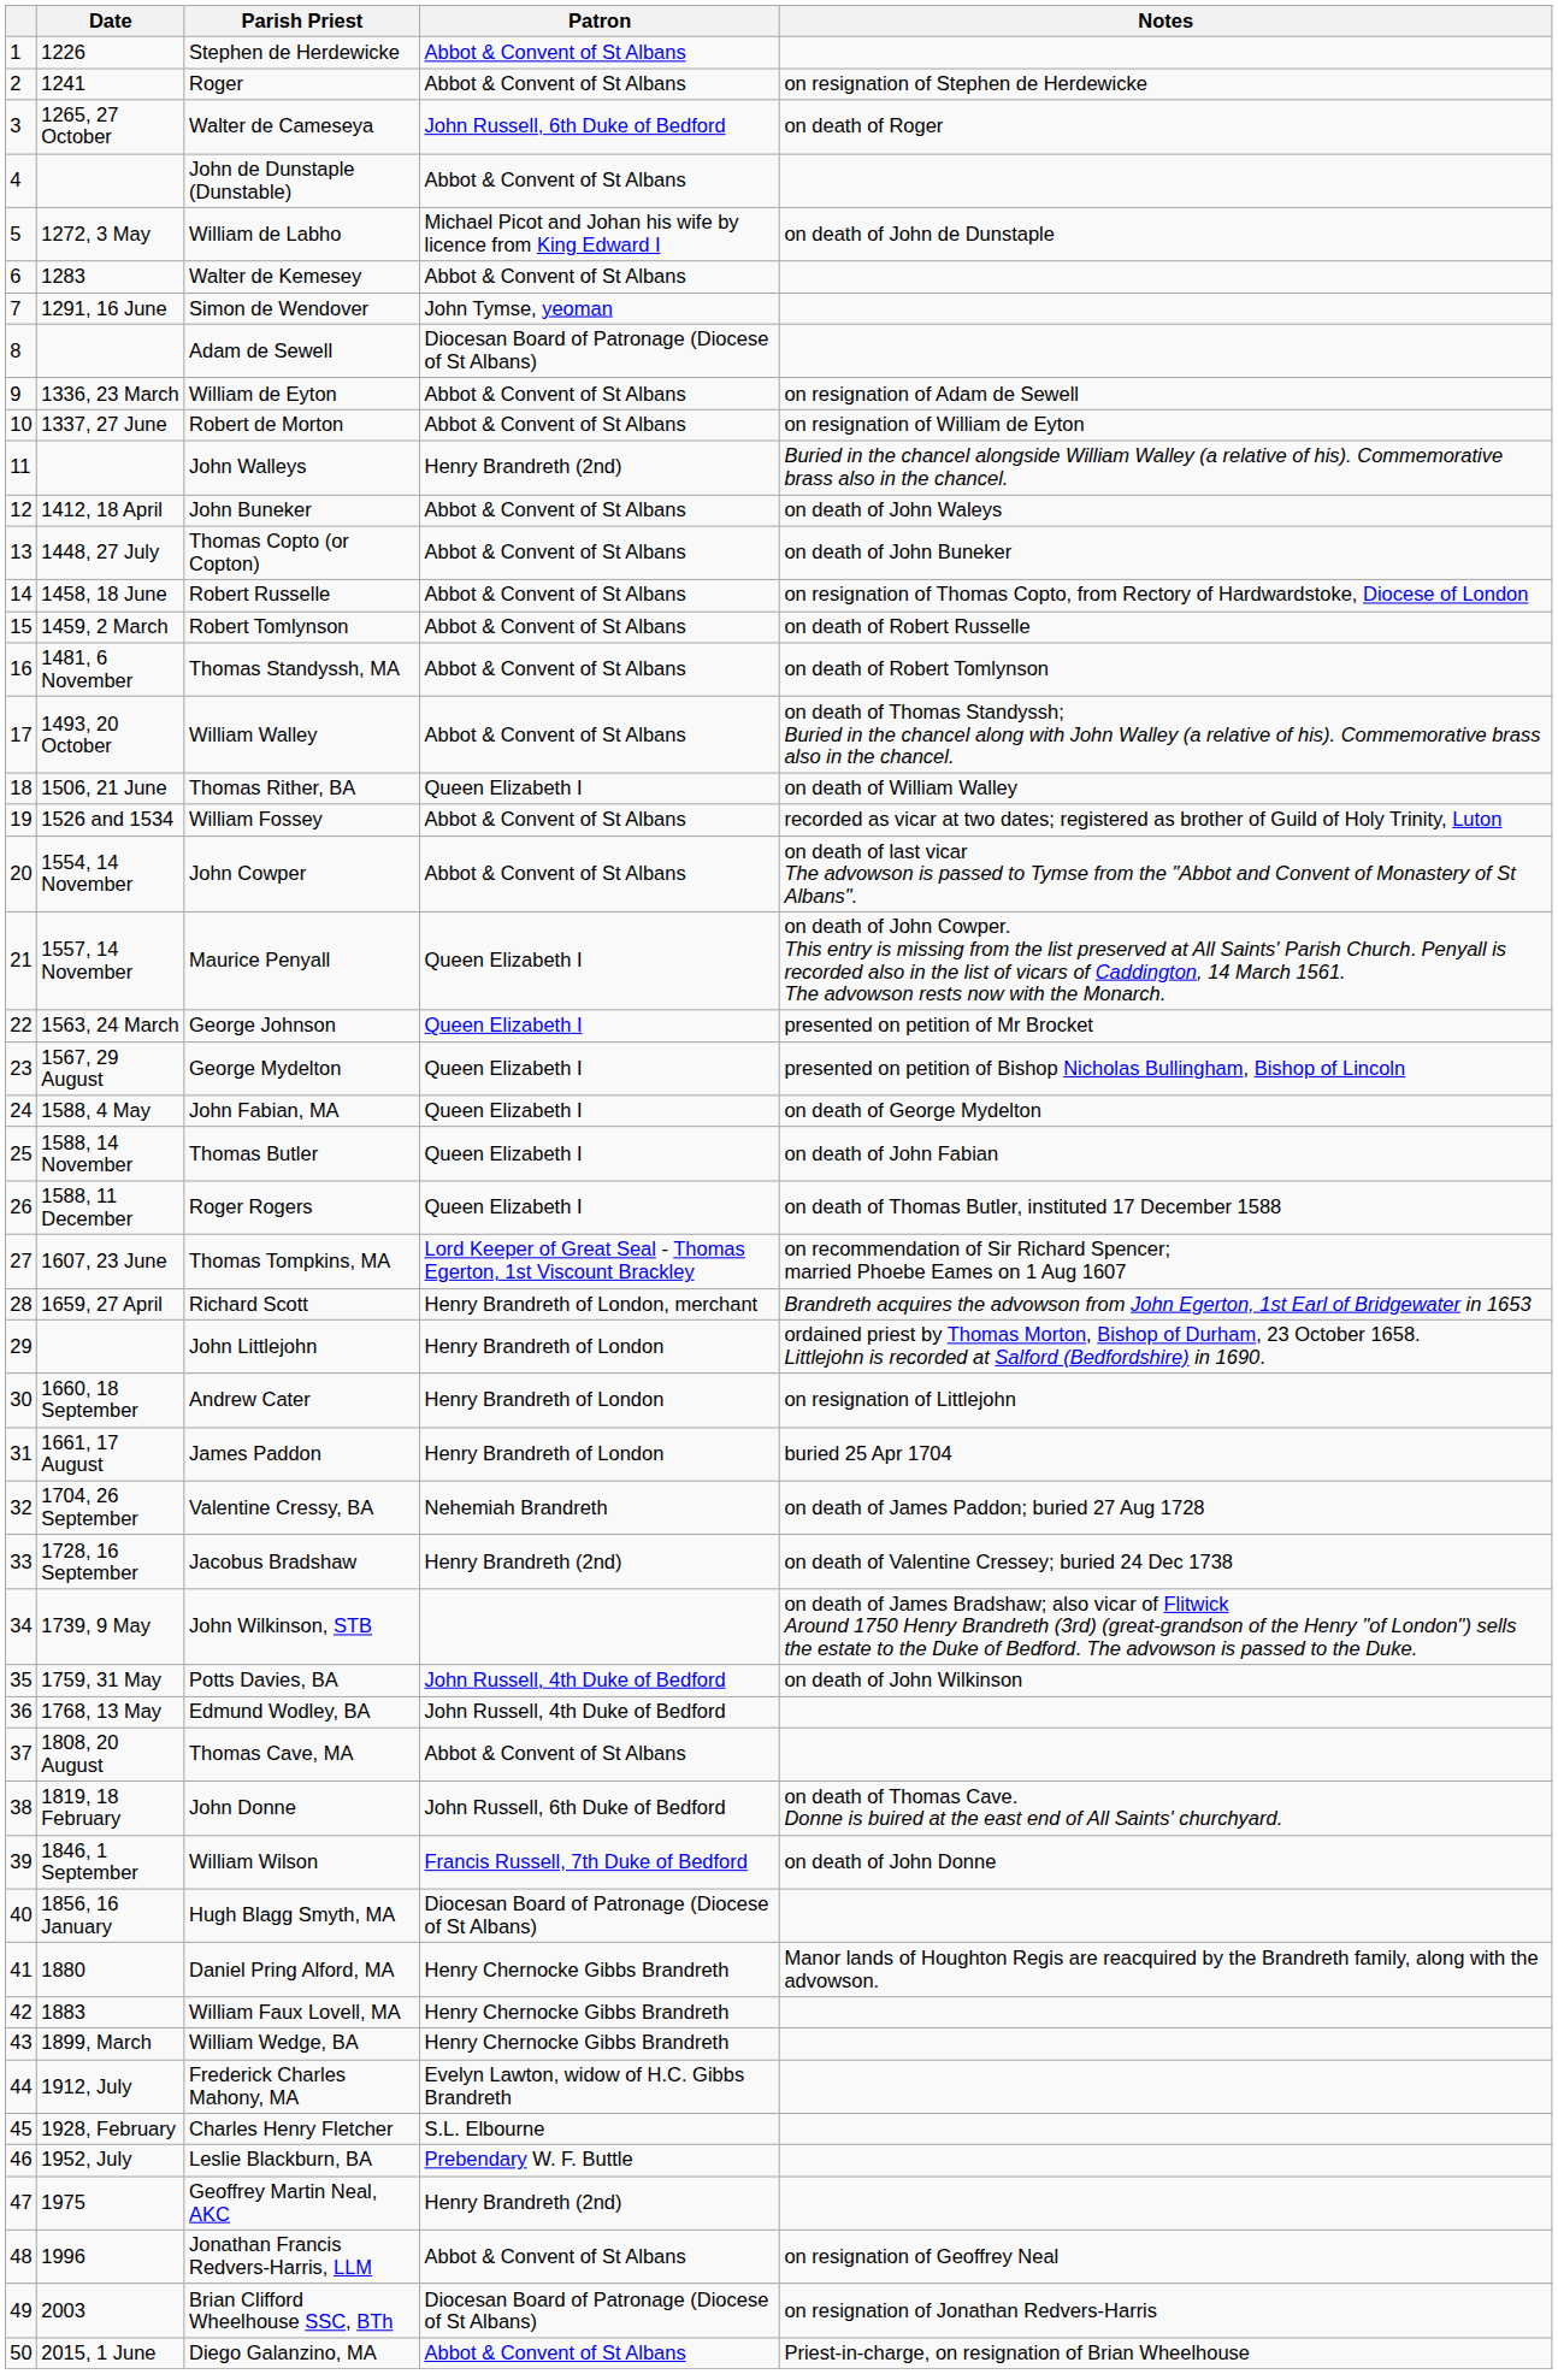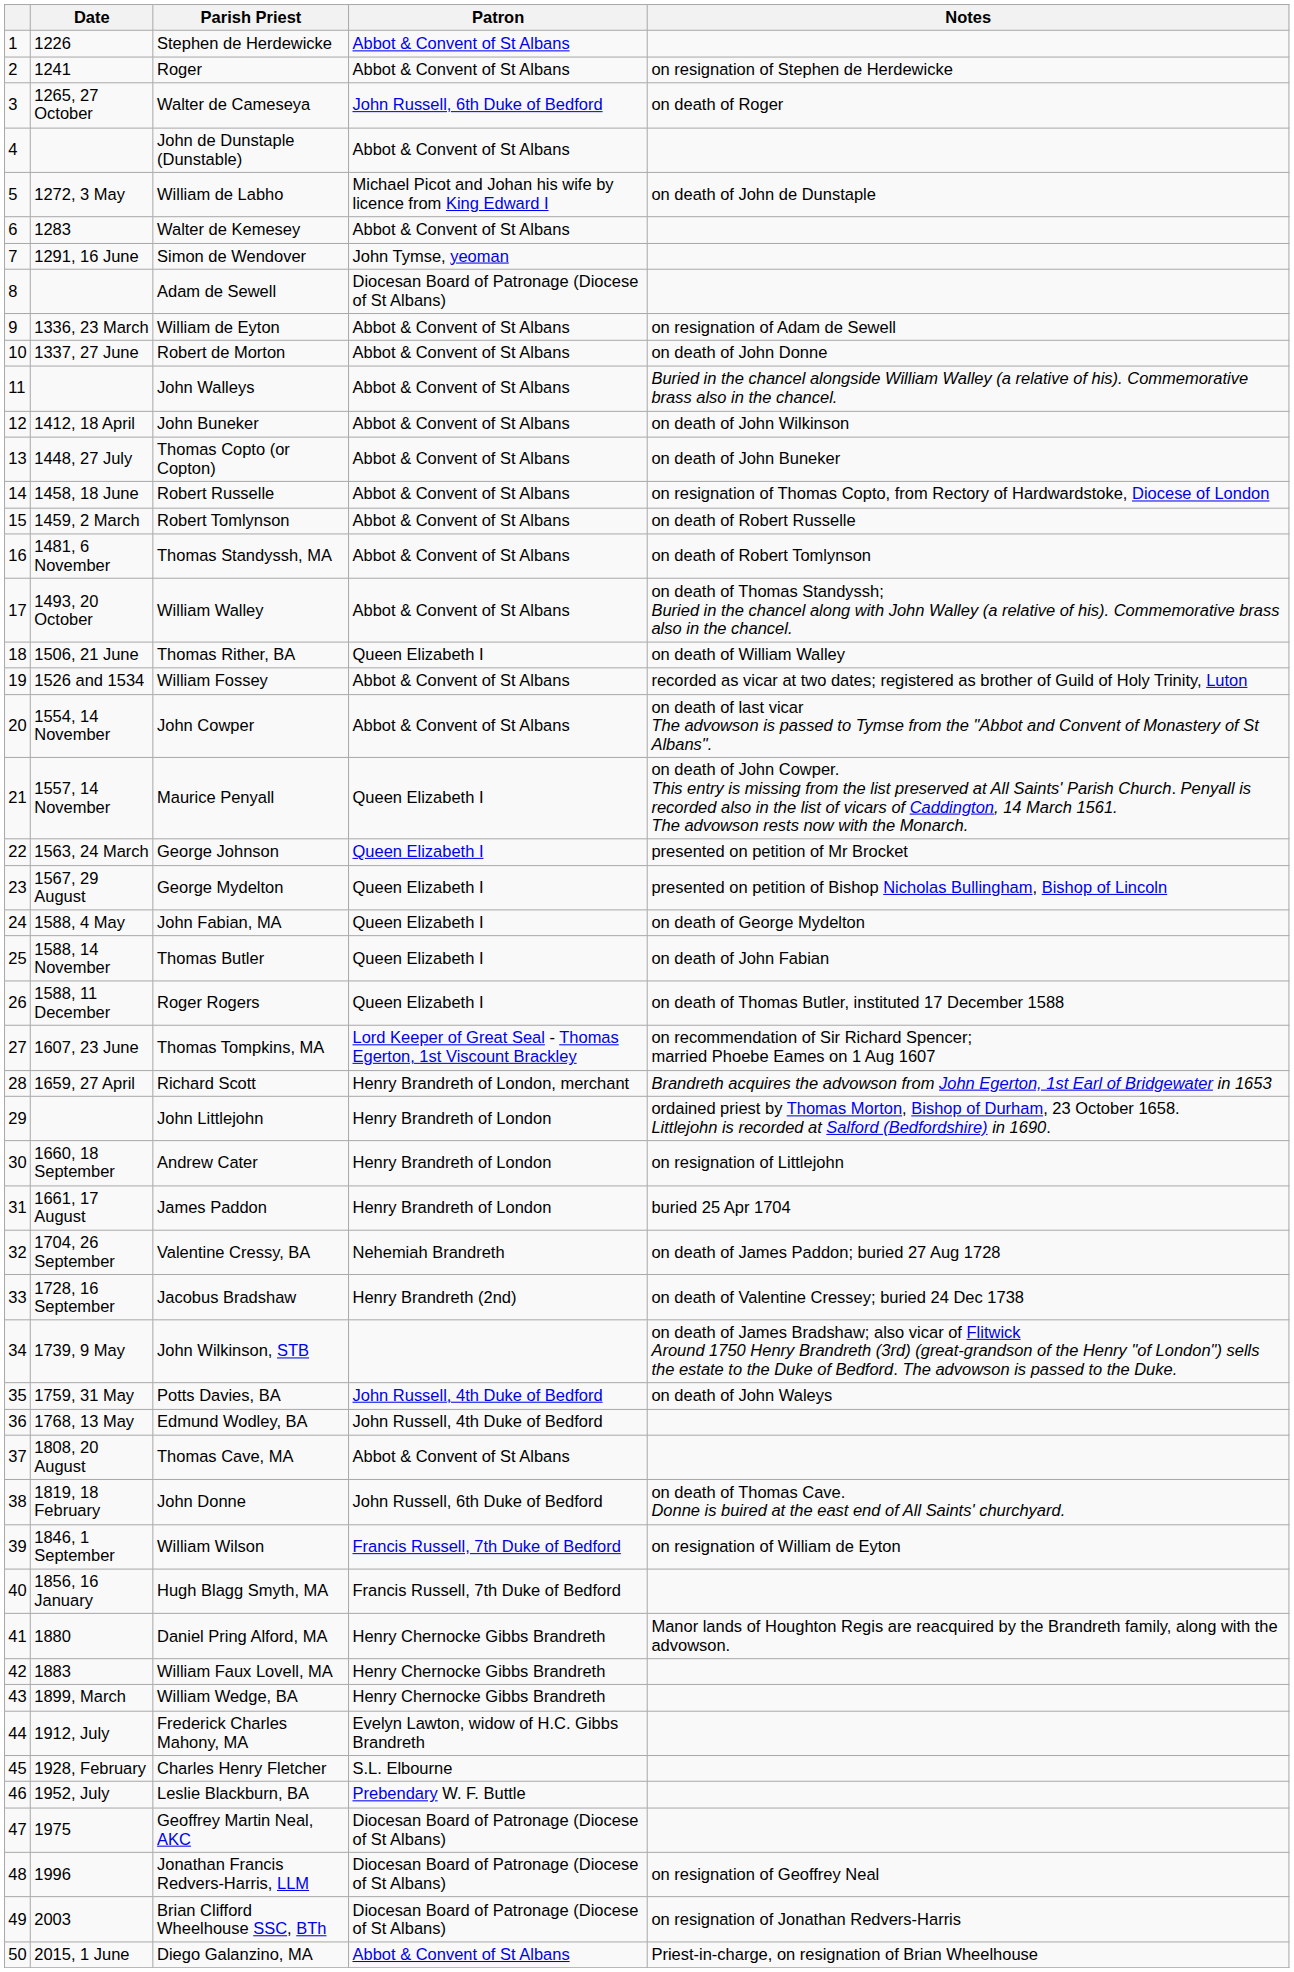 <table class="wikitable">
 <tr>
 <th></th>
 <th>Date</th>
 <th>Parish Priest</th>
 <th>Patron</th>
 <th>Notes</th>
 </tr>
 <tr>
 <td>1</td>
 <td>1226</td>
 <td>Stephen de Herdewicke</td>
 <td><a href='#'>Abbot & Convent of St Albans</a></td>
 <td></td>
 </tr>
 <tr>
 <td>2</td>
 <td>1241</td>
 <td>Roger</td>
 <td>Abbot & Convent of St Albans</td>
 <td>on resignation of Stephen de Herdewicke</td>
 </tr>
 <tr>
 <td>3</td>
 <td>1265, 27 October</td>
 <td>Walter de Cameseya</td>
 <td><a href='#'>John Russell, 6th Duke of Bedford</a></td>
 <td>on death of Roger</td>
 </tr>
 <tr>
 <td>4</td>
 <td></td>
 <td>John de Dunstaple (Dunstable)</td>
 <td>Abbot & Convent of St Albans</td>
 <td></td>
 </tr>
 <tr>
 <td>5</td>
 <td>1272, 3 May</td>
 <td>William de Labho</td>
 <td>Michael Picot and Johan his wife by licence from <a href='#'>King Edward I</a></td>
 <td>on death of John de Dunstaple</td>
 </tr>
 <tr>
 <td>6</td>
 <td>1283</td>
 <td>Walter de Kemesey</td>
 <td>Abbot & Convent of St Albans</td>
 <td></td>
 </tr>
 <tr>
 <td>7</td>
 <td>1291, 16 June</td>
 <td>Simon de Wendover</td>
 <td>John Tymse, <a href='#'>yeoman</a></td>
 <td></td>
 </tr>
 <tr>
 <td>8</td>
 <td></td>
 <td>Adam de Sewell</td>
 <td>Diocesan Board of Patronage (Diocese of St Albans)</td>
 <td></td>
 </tr>
 <tr>
 <td>9</td>
 <td>1336, 23 March</td>
 <td>William de Eyton</td>
 <td>Abbot & Convent of St Albans</td>
 <td>on resignation of Adam de Sewell</td>
 </tr>
 <tr>
 <td>10</td>
 <td>1337, 27 June</td>
 <td>Robert de Morton</td>
 <td>Abbot & Convent of St Albans</td>
-<td>on resignation of William de Eyton</td>
+<td>on death of John Donne</td>
 </tr>
 <tr>
 <td>11</td>
 <td></td>
 <td>John Walleys</td>
-<td>Henry Brandreth (2nd)</td>
+<td>Abbot & Convent of St Albans</td>
 <td><em>Buried in the chancel alongside William Walley (a relative of his). Commemorative brass also in the chancel.</em></td>
 </tr>
 <tr>
 <td>12</td>
 <td>1412, 18 April</td>
 <td>John Buneker</td>
 <td>Abbot & Convent of St Albans</td>
-<td>on death of John Waleys</td>
+<td>on death of John Wilkinson</td>
 </tr>
 <tr>
 <td>13</td>
 <td>1448, 27 July</td>
 <td>Thomas Copto (or Copton)</td>
 <td>Abbot & Convent of St Albans</td>
 <td>on death of John Buneker</td>
 </tr>
 <tr>
 <td>14</td>
 <td>1458, 18 June</td>
 <td>Robert Russelle</td>
 <td>Abbot & Convent of St Albans</td>
 <td>on resignation of Thomas Copto, from Rectory of Hardwardstoke, <a href='#'>Diocese of London</a></td>
 </tr>
 <tr>
 <td>15</td>
 <td>1459, 2 March</td>
 <td>Robert Tomlynson</td>
 <td>Abbot & Convent of St Albans</td>
 <td>on death of Robert Russelle</td>
 </tr>
 <tr>
 <td>16</td>
 <td>1481, 6 November</td>
 <td>Thomas Standyssh, MA</td>
 <td>Abbot & Convent of St Albans</td>
 <td>on death of Robert Tomlynson</td>
 </tr>
 <tr>
 <td>17</td>
 <td>1493, 20 October</td>
 <td>William Walley</td>
 <td>Abbot & Convent of St Albans</td>
 <td>on death of Thomas Standyssh;<br><em>Buried in the chancel along with John Walley (a relative of his). Commemorative brass also in the chancel.</em></td>
 </tr>
 <tr>
 <td>18</td>
 <td>1506, 21 June</td>
 <td>Thomas Rither, BA</td>
 <td>Queen Elizabeth I</td>
 <td>on death of William Walley</td>
 </tr>
 <tr>
 <td>19</td>
 <td>1526 and 1534</td>
 <td>William Fossey</td>
 <td>Abbot & Convent of St Albans</td>
 <td>recorded as vicar at two dates; registered as brother of Guild of Holy Trinity, <a href='#'>Luton</a></td>
 </tr>
 <tr>
 <td>20</td>
 <td>1554, 14 November</td>
 <td>John Cowper</td>
 <td>Abbot & Convent of St Albans</td>
 <td>on death of last vicar<br><em>The advowson is passed to Tymse from the "Abbot and Convent of Monastery of St Albans".</em></td>
 </tr>
 <tr>
 <td>21</td>
 <td>1557, 14 November</td>
 <td>Maurice Penyall</td>
 <td>Queen Elizabeth I</td>
 <td>on death of John Cowper.<br><em>This entry is missing from the list preserved at All Saints' Parish Church</em>. <em>Penyall is recorded also in the list of vicars of <a href='#'>Caddington</a>, 14 March 1561.</em><br><em>The advowson rests now with the Monarch.</em></td>
 </tr>
 <tr>
 <td>22</td>
 <td>1563, 24 March</td>
 <td>George Johnson</td>
 <td><a href='#'>Queen Elizabeth I</a></td>
 <td>presented on petition of Mr Brocket</td>
 </tr>
 <tr>
 <td>23</td>
 <td>1567, 29 August</td>
 <td>George Mydelton</td>
 <td>Queen Elizabeth I</td>
 <td>presented on petition of Bishop <a href='#'>Nicholas Bullingham</a>, <a href='#'>Bishop of Lincoln</a></td>
 </tr>
 <tr>
 <td>24</td>
 <td>1588, 4 May</td>
 <td>John Fabian, MA</td>
 <td>Queen Elizabeth I</td>
 <td>on death of George Mydelton</td>
 </tr>
 <tr>
 <td>25</td>
 <td>1588, 14 November</td>
 <td>Thomas Butler</td>
 <td>Queen Elizabeth I</td>
 <td>on death of John Fabian</td>
 </tr>
 <tr>
 <td>26</td>
 <td>1588, 11 December</td>
 <td>Roger Rogers</td>
 <td>Queen Elizabeth I</td>
 <td>on death of Thomas Butler, instituted 17 December 1588</td>
 </tr>
 <tr>
 <td>27</td>
 <td>1607, 23 June</td>
 <td>Thomas Tompkins, MA</td>
 <td><a href='#'>Lord Keeper of Great Seal</a> - <a href='#'>Thomas Egerton, 1st Viscount Brackley</a></td>
 <td>on recommendation of Sir Richard Spencer;<br>married Phoebe Eames on 1 Aug 1607</td>
 </tr>
 <tr>
 <td>28</td>
 <td>1659, 27 April</td>
 <td>Richard Scott</td>
 <td>Henry Brandreth of London, merchant</td>
 <td><em>Brandreth acquires the advowson from <a href='#'>John Egerton, 1st Earl of Bridgewater</a> in 1653</em></td>
 </tr>
 <tr>
 <td>29</td>
 <td></td>
 <td>John Littlejohn</td>
 <td>Henry Brandreth of London</td>
 <td>ordained priest by <a href='#'>Thomas Morton</a>, <a href='#'>Bishop of Durham</a>, 23 October 1658.<br><em>Littlejohn is recorded at <a href='#'>Salford (Bedfordshire)</a> in 1690</em>.</td>
 </tr>
 <tr>
 <td>30</td>
 <td>1660, 18 September</td>
 <td>Andrew Cater</td>
 <td>Henry Brandreth of London</td>
 <td>on resignation of Littlejohn</td>
 </tr>
 <tr>
 <td>31</td>
 <td>1661, 17 August</td>
 <td>James Paddon</td>
 <td>Henry Brandreth of London</td>
 <td>buried 25 Apr 1704</td>
 </tr>
 <tr>
 <td>32</td>
 <td>1704, 26 September</td>
 <td>Valentine Cressy, BA</td>
 <td>Nehemiah Brandreth</td>
 <td>on death of James Paddon; buried 27 Aug 1728</td>
 </tr>
 <tr>
 <td>33</td>
 <td>1728, 16 September</td>
 <td>Jacobus Bradshaw</td>
 <td>Henry Brandreth (2nd)</td>
 <td>on death of Valentine Cressey; buried 24 Dec 1738</td>
 </tr>
 <tr>
 <td>34</td>
 <td>1739, 9 May</td>
 <td>John Wilkinson, <a href='#'>STB</a></td>
 <td></td>
 <td>on death of James Bradshaw; also vicar of <a href='#'>Flitwick</a><br><em>Around 1750 Henry Brandreth (3rd) (great-grandson of the Henry "of London") sells the estate to the Duke of Bedford</em>. <em>The advowson is passed to the Duke.</em></td>
 </tr>
 <tr>
 <td>35</td>
 <td>1759, 31 May</td>
 <td>Potts Davies, BA</td>
 <td><a href='#'>John Russell, 4th Duke of Bedford</a></td>
-<td>on death of John Wilkinson</td>
+<td>on death of John Waleys</td>
 </tr>
 <tr>
 <td>36</td>
 <td>1768, 13 May</td>
 <td>Edmund Wodley, BA</td>
 <td>John Russell, 4th Duke of Bedford</td>
 <td></td>
 </tr>
 <tr>
 <td>37</td>
 <td>1808, 20 August</td>
 <td>Thomas Cave, MA</td>
 <td>Abbot & Convent of St Albans</td>
 <td></td>
 </tr>
 <tr>
 <td>38</td>
 <td>1819, 18 February</td>
 <td>John Donne</td>
 <td>John Russell, 6th Duke of Bedford</td>
 <td>on death of Thomas Cave.<br><em>Donne is buired at the east end of All Saints' churchyard.</em></td>
 </tr>
 <tr>
 <td>39</td>
 <td>1846, 1 September</td>
 <td>William Wilson</td>
 <td><a href='#'>Francis Russell, 7th Duke of Bedford</a></td>
-<td>on death of John Donne</td>
+<td>on resignation of William de Eyton</td>
 </tr>
 <tr>
 <td>40</td>
 <td>1856, 16 January</td>
 <td>Hugh Blagg Smyth, MA</td>
-<td>Diocesan Board of Patronage (Diocese of St Albans)</td>
+<td>Francis Russell, 7th Duke of Bedford</td>
 <td></td>
 </tr>
 <tr>
 <td>41</td>
 <td>1880</td>
 <td>Daniel Pring Alford, MA</td>
 <td>Henry Chernocke Gibbs Brandreth</td>
 <td>Manor lands of Houghton Regis are reacquired by the Brandreth family, along with the advowson.</td>
 </tr>
 <tr>
 <td>42</td>
 <td>1883</td>
 <td>William Faux Lovell, MA</td>
 <td>Henry Chernocke Gibbs Brandreth</td>
 <td></td>
 </tr>
 <tr>
 <td>43</td>
 <td>1899, March</td>
 <td>William Wedge, BA</td>
 <td>Henry Chernocke Gibbs Brandreth</td>
 <td></td>
 </tr>
 <tr>
 <td>44</td>
 <td>1912, July</td>
 <td>Frederick Charles Mahony, MA</td>
 <td>Evelyn Lawton, widow of H.C. Gibbs Brandreth</td>
 <td></td>
 </tr>
 <tr>
 <td>45</td>
 <td>1928, February</td>
 <td>Charles Henry Fletcher</td>
 <td>S.L. Elbourne</td>
 <td></td>
 </tr>
 <tr>
 <td>46</td>
 <td>1952, July</td>
 <td>Leslie Blackburn, BA</td>
 <td><a href='#'>Prebendary</a> W. F. Buttle</td>
 <td></td>
 </tr>
 <tr>
 <td>47</td>
 <td>1975</td>
 <td>Geoffrey Martin Neal, <a href='#'>AKC</a></td>
-<td>Henry Brandreth (2nd)</td>
+<td>Diocesan Board of Patronage (Diocese of St Albans)</td>
 <td></td>
 </tr>
 <tr>
 <td>48</td>
 <td>1996</td>
 <td>Jonathan Francis Redvers-Harris, <a href='#'>LLM</a></td>
-<td>Abbot & Convent of St Albans</td>
+<td>Diocesan Board of Patronage (Diocese of St Albans)</td>
 <td>on resignation of Geoffrey Neal</td>
 </tr>
 <tr>
 <td>49</td>
 <td>2003</td>
 <td>Brian Clifford Wheelhouse <a href='#'>SSC</a>, <a href='#'>BTh</a></td>
 <td>Diocesan Board of Patronage (Diocese of St Albans)</td>
 <td>on resignation of Jonathan Redvers-Harris</td>
 </tr>
 <tr>
 <td>50</td>
 <td>2015, 1 June</td>
 <td>Diego Galanzino, MA</td>
 <td><a href='#'>Abbot & Convent of St Albans</a></td>
 <td>Priest-in-charge, on resignation of Brian Wheelhouse</td>
 </tr>
 </table>
